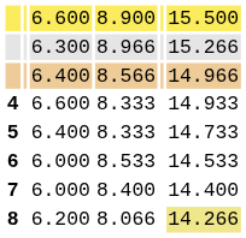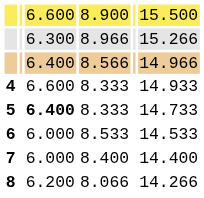 <table>
 <tr bgcolor=fbec5d>
 <th scope=row style="text-align:center"></th>
 <td align=left></td>
 <td>6.600</td>
 <td>8.900</td>
 <td></td>
 <td>15.500</td>
 </tr>
 <tr bgcolor=e5e5e5>
 <th scope=row style="text-align:center"></th>
 <td align=left></td>
 <td>6.300</td>
 <td>8.966</td>
 <td></td>
 <td>15.266</td>
 </tr>
 <tr bgcolor=eecc99>
 <th scope=row style="text-align:center"></th>
 <td align=left></td>
 <td>6.400</td>
 <td>8.566</td>
 <td></td>
 <td>14.966</td>
 </tr>
 <tr>
 <th scope=row style="text-align:center">4</th>
 <td align=left></td>
 <td>6.600</td>
 <td>8.333</td>
 <td></td>
 <td>14.933</td>
 </tr>
 <tr>
 <th scope=row style="text-align:center">5</th>
 <td align=left></td>
-<td>6.400</td>
+<td><strong>6.400</strong></td>
 <td>8.333</td>
 <td></td>
 <td>14.733</td>
 </tr>
 <tr>
 <th scope=row style="text-align:center">6</th>
 <td align=left></td>
 <td>6.000</td>
 <td>8.533</td>
 <td></td>
 <td>14.533</td>
 </tr>
 <tr>
 <th scope=row style="text-align:center">7</th>
 <td align=left></td>
 <td>6.000</td>
 <td>8.400</td>
 <td></td>
 <td>14.400</td>
 </tr>
 <tr>
 <th scope=row style="text-align:center">8</th>
 <td align=left></td>
 <td>6.200</td>
 <td>8.066</td>
 <td></td>
-<td style="background: khaki;">14.266</td>
+<td>14.266</td>
 </tr>
 <tr>
 </tr>
 </table>
